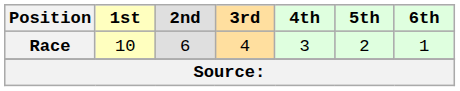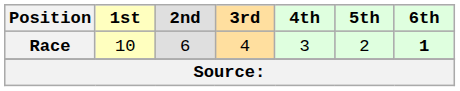 <table class="wikitable" style="font-size: 85%; text-align:center">
 <tr>
 <th>Position</th>
 <th style="background-color:#ffffbf"> 1st </th>
 <th style="background-color:#dfdfdf"> 2nd </th>
 <th style="background-color:#ffdf9f"> 3rd </th>
 <th style="background-color:#dfffdf"> 4th </th>
 <th style="background-color:#dfffdf"> 5th </th>
 <th style="background-color:#dfffdf"> 6th </th>
 </tr>
 <tr>
 <th>Race</th>
 <td style="background-color:#ffffbf">10</td>
 <td style="background-color:#dfdfdf">6</td>
 <td style="background-color:#ffdf9f">4</td>
 <td style="background-color:#dfffdf">3</td>
 <td style="background-color:#dfffdf">2</td>
-<td style="background-color:#dfffdf">1</td>
+<td style="background-color:#dfffdf"><strong>1</strong></td>
 </tr>
 <tr>
 </tr>
 <tr class="sortbottom">
 <th colspan="7">Source:</th>
 </tr>
 </table>
